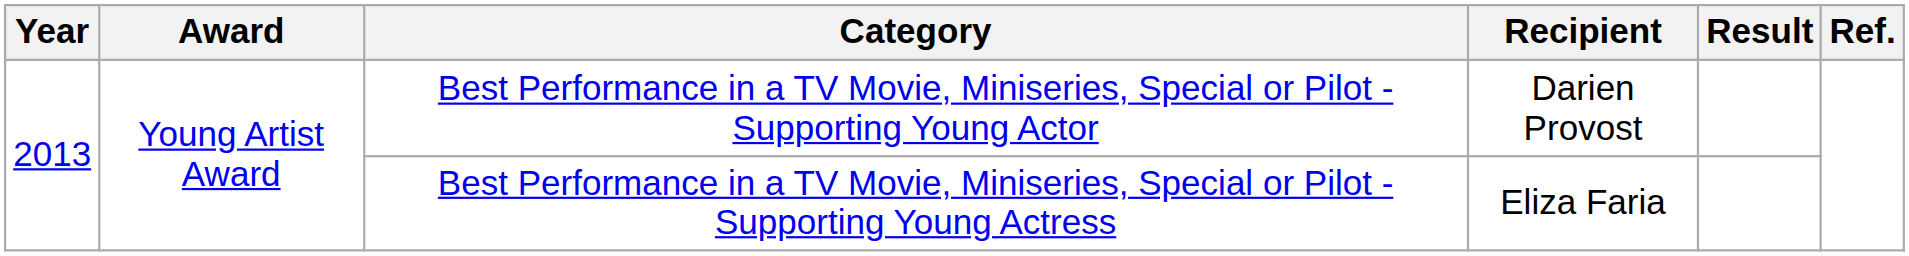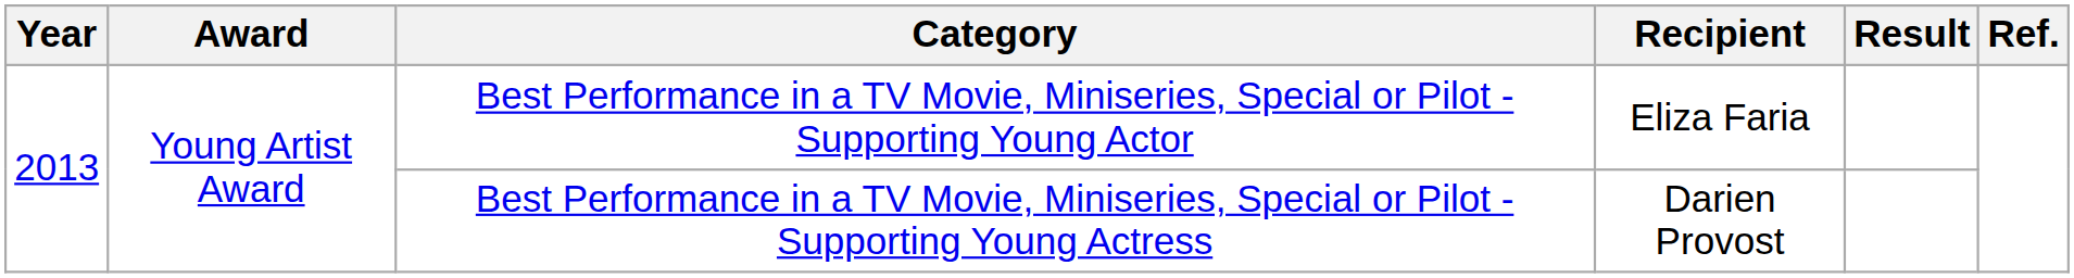 <table class="wikitable" rowspan=6; style="text-align: center; background:#ffffff;">
 <tr>
 <th>Year</th>
 <th>Award</th>
 <th>Category</th>
 <th>Recipient</th>
 <th>Result</th>
 <th>Ref.</th>
 </tr>
 <tr>
 <td rowspan=2><a href='#'>2013</a></td>
 <td rowspan=2><a href='#'>Young Artist Award</a></td>
 <td><a href='#'>Best Performance in a TV Movie, Miniseries, Special or Pilot - Supporting Young Actor</a></td>
-<td>Darien Provost</td>
+<td>Eliza Faria</td>
 <td></td>
 <td rowspan=2></td>
 </tr>
 <tr>
 <td><a href='#'>Best Performance in a TV Movie, Miniseries, Special or Pilot - Supporting Young Actress</a></td>
-<td>Eliza Faria</td>
+<td>Darien Provost</td>
 <td></td>
 </tr>
 </table>
